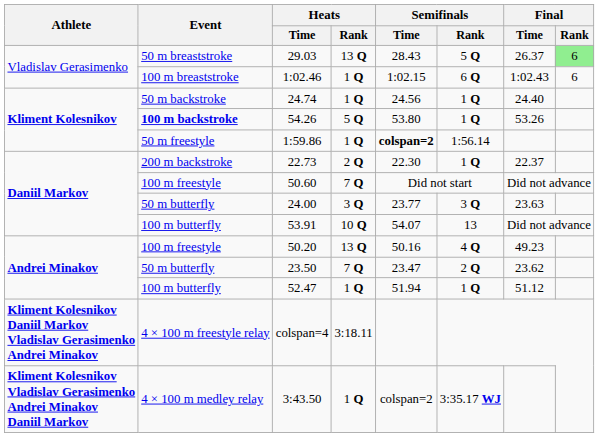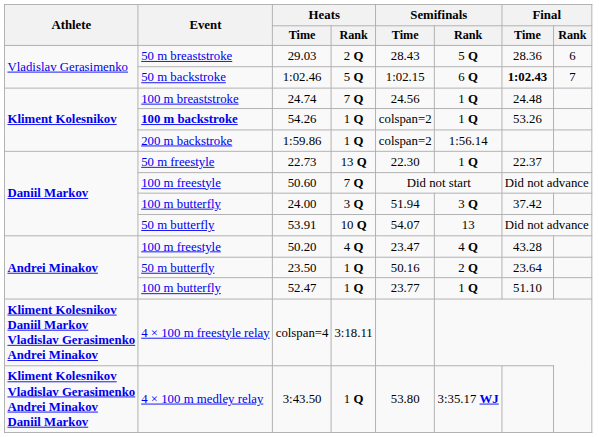 <table class=wikitable style="text-align:center;font-size:90%">
 <tr>
 <th rowspan=2>Athlete</th>
 <th rowspan=2>Event</th>
 <th colspan=2>Heats</th>
 <th colspan=2>Semifinals</th>
 <th colspan=2>Final</th>
 </tr>
 <tr style="font-size:95%">
 <th>Time</th>
 <th>Rank</th>
 <th>Time</th>
 <th>Rank</th>
 <th>Time</th>
 <th>Rank</th>
 </tr>
 <tr>
 <td rowspan=2 align=left><a href='#'>Vladislav Gerasimenko</a></td>
 <td align=left><a href='#'>50 m breaststroke</a></td>
 <td>29.03</td>
-<td>13 <strong>Q</strong></td>
+<td>2 <strong>Q</strong></td>
 <td>28.43</td>
 <td>5 <strong>Q</strong></td>
-<td>26.37</td>
-<td style="background: lightgreen;">6</td>
-</tr>
-<tr>
-<td align=left><a href='#'>100 m breaststroke</a></td>
-<td>1:02.46</td>
-<td>1 <strong>Q</strong></td>
-<td>1:02.15</td>
-<td>6 <strong>Q</strong></td>
-<td>1:02.43</td>
+<td>28.36</td>
 <td>6</td>
 </tr>
 <tr>
+<td align=left><a href='#'>50 m backstroke</a></td>
+<td>1:02.46</td>
+<td>5 <strong>Q</strong></td>
+<td>1:02.15</td>
+<td>6 <strong>Q</strong></td>
+<td><strong>1:02.43</strong></td>
+<td>7</td>
+</tr>
+<tr>
 <td rowspan=3 align=left><strong><a href='#'>Kliment Kolesnikov</a></strong></td>
-<td align=left><a href='#'>50 m backstroke</a></td>
+<td align=left><a href='#'>100 m breaststroke</a></td>
 <td>24.74</td>
-<td>1 <strong>Q</strong></td>
+<td>7 <strong>Q</strong></td>
 <td>24.56</td>
 <td>1 <strong>Q</strong></td>
-<td>24.40</td>
+<td>24.48</td>
 <td></td>
 </tr>
 <tr>
 <td align=left><strong><a href='#'>100 m backstroke</a></strong></td>
 <td>54.26</td>
-<td>5 <strong>Q</strong></td>
-<td>53.80</td>
+<td>1 <strong>Q</strong></td>
+<td>colspan=2 </td>
 <td>1 <strong>Q</strong></td>
 <td>53.26</td>
 <td></td>
 </tr>
 <tr>
-<td align=left><a href='#'>50 m freestyle</a></td>
+<td align=left><a href='#'>200 m backstroke</a></td>
 <td>1:59.86</td>
 <td>1 <strong>Q</strong></td>
-<td><strong>colspan=2 </strong></td>
+<td>colspan=2 </td>
 <td>1:56.14</td>
 <td></td>
 </tr>
 <tr>
 <td rowspan=4 align=left><strong><a href='#'>Daniil Markov</a></strong></td>
-<td align=left><a href='#'>200 m backstroke</a></td>
+<td align=left><a href='#'>50 m freestyle</a></td>
 <td>22.73</td>
-<td>2 <strong>Q</strong></td>
+<td>13 <strong>Q</strong></td>
 <td>22.30</td>
 <td>1 <strong>Q</strong></td>
 <td>22.37</td>
 <td></td>
 </tr>
 <tr>
 <td align=left><a href='#'>100 m freestyle</a></td>
 <td>50.60</td>
 <td>7 <strong>Q</strong></td>
 <td colspan=2>Did not start</td>
 <td colspan=2>Did not advance</td>
 </tr>
 <tr>
-<td align=left><a href='#'>50 m butterfly</a></td>
+<td align=left><a href='#'>100 m butterfly</a></td>
 <td>24.00</td>
 <td>3 <strong>Q</strong></td>
-<td>23.77</td>
+<td>51.94</td>
 <td>3 <strong>Q</strong></td>
-<td>23.63</td>
+<td>37.42</td>
 <td></td>
 </tr>
 <tr>
-<td align=left><a href='#'>100 m butterfly</a></td>
+<td align=left><a href='#'>50 m butterfly</a></td>
 <td>53.91</td>
 <td>10 <strong>Q</strong></td>
 <td>54.07</td>
 <td>13</td>
 <td colspan=2>Did not advance</td>
 </tr>
 <tr>
 <td rowspan=3 align=left><strong><a href='#'>Andrei Minakov</a></strong></td>
 <td align=left><a href='#'>100 m freestyle</a></td>
 <td>50.20</td>
-<td>13 <strong>Q</strong></td>
-<td>50.16</td>
 <td>4 <strong>Q</strong></td>
-<td>49.23</td>
+<td>23.47</td>
+<td>4 <strong>Q</strong></td>
+<td>43.28</td>
 <td></td>
 </tr>
 <tr>
 <td align=left><a href='#'>50 m butterfly</a></td>
 <td>23.50</td>
-<td>7 <strong>Q</strong></td>
-<td>23.47</td>
+<td>1 <strong>Q</strong></td>
+<td>50.16</td>
 <td>2 <strong>Q</strong></td>
-<td>23.62</td>
+<td>23.64</td>
 <td></td>
 </tr>
 <tr>
 <td align=left><a href='#'>100 m butterfly</a></td>
 <td>52.47</td>
 <td>1 <strong>Q</strong></td>
-<td>51.94</td>
+<td>23.77</td>
 <td>1 <strong>Q</strong></td>
-<td>51.12</td>
+<td>51.10</td>
 <td></td>
 </tr>
 <tr>
 <td align=left><strong><a href='#'>Kliment Kolesnikov</a><br><a href='#'>Daniil Markov</a><br><a href='#'>Vladislav Gerasimenko</a><br><a href='#'>Andrei Minakov</a></strong></td>
 <td align=left><a href='#'>4 × 100 m freestyle relay</a></td>
 <td>colspan=4 </td>
 <td>3:18.11</td>
 <td></td>
 </tr>
 <tr>
 <td align=left><strong><a href='#'>Kliment Kolesnikov</a><br><a href='#'>Vladislav Gerasimenko</a><br><a href='#'>Andrei Minakov</a><br><a href='#'>Daniil Markov</a></strong></td>
 <td align=left><a href='#'>4 × 100 m medley relay</a></td>
 <td>3:43.50</td>
 <td>1 <strong>Q</strong></td>
-<td>colspan=2 </td>
+<td>53.80</td>
 <td>3:35.17 <strong><a href='#'>WJ</a></strong></td>
 <td></td>
 </tr>
 </table>
